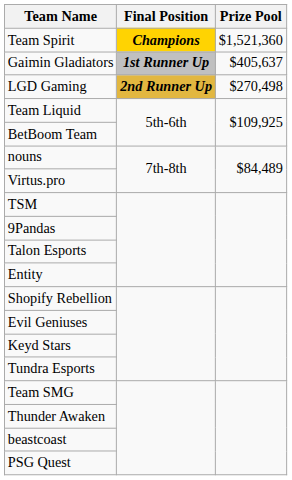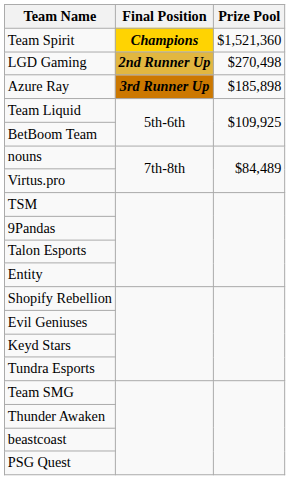 <table class="wikitable" style="left-margin:auto; right-margin:auto; font-size:90%;">
 <tr>
 <th>Team Name</th>
 <th>Final Position</th>
 <th>Prize Pool</th>
 </tr>
 <tr>
 <td>Team Spirit</td>
 <td bgcolor="#FFD302" style="text-align:center;"><strong><em>Champions</em></strong></td>
 <td style="text-align:right;">$1,521,360</td>
 </tr>
 <tr>
-<td>Gaimin Gladiators</td>
-<td bgcolor="#C0C0C0" style="text-align:center;"><strong><em>1st Runner Up</em></strong></td>
-<td style="text-align:right;">$405,637</td>
-</tr>
-<tr>
 <td>LGD Gaming</td>
 <td bgcolor="#E2B740" style="text-align:center;"><strong><em>2nd Runner Up</em></strong></td>
 <td style="text-align:right;">$270,498</td>
+</tr>
+<tr>
+<td>Azure Ray</td>
+<td bgcolor="#CC7800" style="text-align:center;"><strong><em>3rd Runner Up</em></strong></td>
+<td style="text-align:right;">$185,898</td>
 </tr>
 <tr>
 <td>Team Liquid</td>
 <td rowspan="2" style="text-align:center;">5th-6th</td>
 <td rowspan="2" style="text-align:right;">$109,925</td>
 </tr>
 <tr>
 <td>BetBoom Team</td>
 </tr>
 <tr>
 <td>nouns</td>
 <td rowspan="2" style="text-align:center;">7th-8th</td>
 <td rowspan="2" style="text-align:right;">$84,489</td>
 </tr>
 <tr>
 <td>Virtus.pro</td>
 </tr>
 <tr>
 <td>TSM</td>
 <td rowspan="4"></td>
 <td rowspan="4"></td>
 </tr>
 <tr>
 <td>9Pandas</td>
 </tr>
 <tr>
 <td>Talon Esports</td>
 </tr>
 <tr>
 <td>Entity</td>
 </tr>
 <tr>
 <td>Shopify Rebellion</td>
 <td rowspan="4"></td>
 <td rowspan="4"></td>
 </tr>
 <tr>
 <td>Evil Geniuses</td>
 </tr>
 <tr>
 <td>Keyd Stars</td>
 </tr>
 <tr>
 <td>Tundra Esports</td>
 </tr>
 <tr>
 <td>Team SMG</td>
 <td rowspan="4"></td>
 <td rowspan="4"></td>
 </tr>
 <tr>
 <td>Thunder Awaken</td>
 </tr>
 <tr>
 <td>beastcoast</td>
 </tr>
 <tr>
 <td>PSG Quest</td>
 </tr>
 </table>
